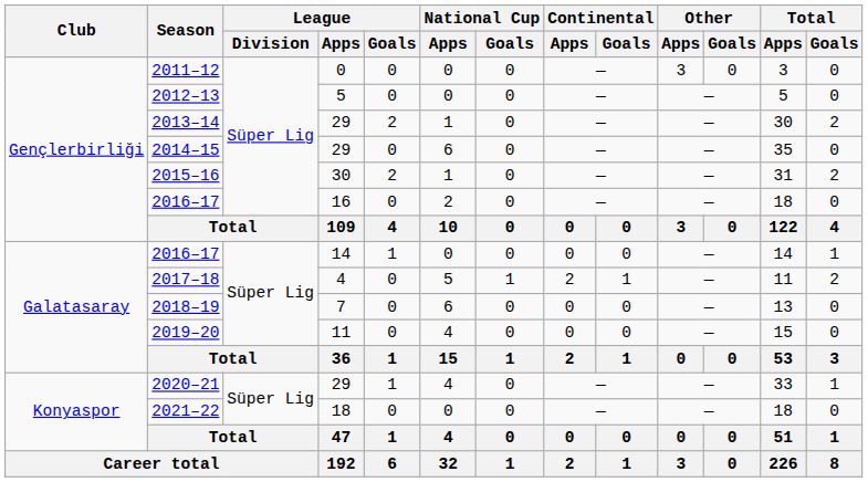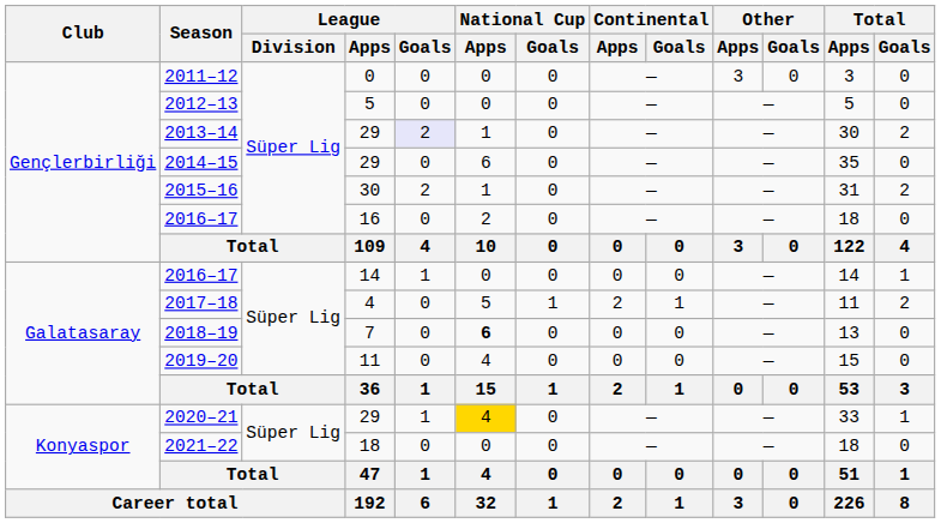 <table class="wikitable", style="text-align:center">
 <tr>
 <th rowspan="2">Club</th>
 <th rowspan="2">Season</th>
 <th colspan="3">League</th>
 <th colspan="2">National Cup</th>
 <th colspan="2">Continental</th>
 <th colspan="2">Other</th>
 <th colspan="2">Total</th>
 </tr>
 <tr>
 <th>Division</th>
 <th>Apps</th>
 <th>Goals</th>
 <th>Apps</th>
 <th>Goals</th>
 <th>Apps</th>
 <th>Goals</th>
 <th>Apps</th>
 <th>Goals</th>
 <th>Apps</th>
 <th>Goals</th>
 </tr>
 <tr>
 <td rowspan="7"><a href='#'>Gençlerbirliği</a></td>
 <td><a href='#'>2011–12</a></td>
 <td rowspan="6"><a href='#'>Süper Lig</a></td>
 <td>0</td>
 <td>0</td>
 <td>0</td>
 <td>0</td>
 <td colspan="2">—</td>
 <td>3</td>
 <td>0</td>
 <td>3</td>
 <td>0</td>
 </tr>
 <tr>
 <td><a href='#'>2012–13</a></td>
 <td>5</td>
 <td>0</td>
 <td>0</td>
 <td>0</td>
 <td colspan="2">—</td>
 <td colspan="2">—</td>
 <td>5</td>
 <td>0</td>
 </tr>
 <tr>
 <td><a href='#'>2013–14</a></td>
 <td>29</td>
-<td>2</td>
+<td style="background: lavender;">2</td>
 <td>1</td>
 <td>0</td>
 <td colspan="2">—</td>
 <td colspan="2">—</td>
 <td>30</td>
 <td>2</td>
 </tr>
 <tr>
 <td><a href='#'>2014–15</a></td>
 <td>29</td>
 <td>0</td>
 <td>6</td>
 <td>0</td>
 <td colspan="2">—</td>
 <td colspan="2">—</td>
 <td>35</td>
 <td>0</td>
 </tr>
 <tr>
 <td><a href='#'>2015–16</a></td>
 <td>30</td>
 <td>2</td>
 <td>1</td>
 <td>0</td>
 <td colspan="2">—</td>
 <td colspan="2">—</td>
 <td>31</td>
 <td>2</td>
 </tr>
 <tr>
 <td><a href='#'>2016–17</a></td>
 <td>16</td>
 <td>0</td>
 <td>2</td>
 <td>0</td>
 <td colspan="2">—</td>
 <td colspan="2">—</td>
 <td>18</td>
 <td>0</td>
 </tr>
 <tr>
 <th colspan="2">Total</th>
 <th>109</th>
 <th>4</th>
 <th>10</th>
 <th>0</th>
 <th>0</th>
 <th>0</th>
 <th>3</th>
 <th>0</th>
 <th>122</th>
 <th>4</th>
 </tr>
 <tr>
 <td rowspan="5"><a href='#'>Galatasaray</a></td>
 <td><a href='#'>2016–17</a></td>
 <td rowspan="4">Süper Lig</td>
 <td>14</td>
 <td>1</td>
 <td>0</td>
 <td>0</td>
 <td>0</td>
 <td>0</td>
 <td colspan="2">—</td>
 <td>14</td>
 <td>1</td>
 </tr>
 <tr>
 <td><a href='#'>2017–18</a></td>
 <td>4</td>
 <td>0</td>
 <td>5</td>
 <td>1</td>
 <td>2</td>
 <td>1</td>
 <td colspan="2">—</td>
 <td>11</td>
 <td>2</td>
 </tr>
 <tr>
 <td><a href='#'>2018–19</a></td>
 <td>7</td>
 <td>0</td>
-<td>6</td>
+<td><strong>6</strong></td>
 <td>0</td>
 <td>0</td>
 <td>0</td>
 <td colspan="2">—</td>
 <td>13</td>
 <td>0</td>
 </tr>
 <tr>
 <td><a href='#'>2019–20</a></td>
 <td>11</td>
 <td>0</td>
 <td>4</td>
 <td>0</td>
 <td>0</td>
 <td>0</td>
 <td colspan="2">—</td>
 <td>15</td>
 <td>0</td>
 </tr>
 <tr>
 <th colspan="2">Total</th>
 <th>36</th>
 <th>1</th>
 <th>15</th>
 <th>1</th>
 <th>2</th>
 <th>1</th>
 <th>0</th>
 <th>0</th>
 <th>53</th>
 <th>3</th>
 </tr>
 <tr>
 <td rowspan="3"><a href='#'>Konyaspor</a></td>
 <td><a href='#'>2020–21</a></td>
 <td rowspan="2">Süper Lig</td>
 <td>29</td>
 <td>1</td>
-<td>4</td>
+<td style="background: gold;">4</td>
 <td>0</td>
 <td colspan="2">—</td>
 <td colspan="2">—</td>
 <td>33</td>
 <td>1</td>
 </tr>
 <tr>
 <td><a href='#'>2021–22</a></td>
 <td>18</td>
 <td>0</td>
 <td>0</td>
 <td>0</td>
 <td colspan="2">—</td>
 <td colspan="2">—</td>
 <td>18</td>
 <td>0</td>
 </tr>
 <tr>
 <th colspan="2">Total</th>
 <th>47</th>
 <th>1</th>
 <th>4</th>
 <th>0</th>
 <th>0</th>
 <th>0</th>
 <th>0</th>
 <th>0</th>
 <th>51</th>
 <th>1</th>
 </tr>
 <tr>
 <th colspan="3">Career total</th>
 <th>192</th>
 <th>6</th>
 <th>32</th>
 <th>1</th>
 <th>2</th>
 <th>1</th>
 <th>3</th>
 <th>0</th>
 <th>226</th>
 <th>8</th>
 </tr>
 </table>
